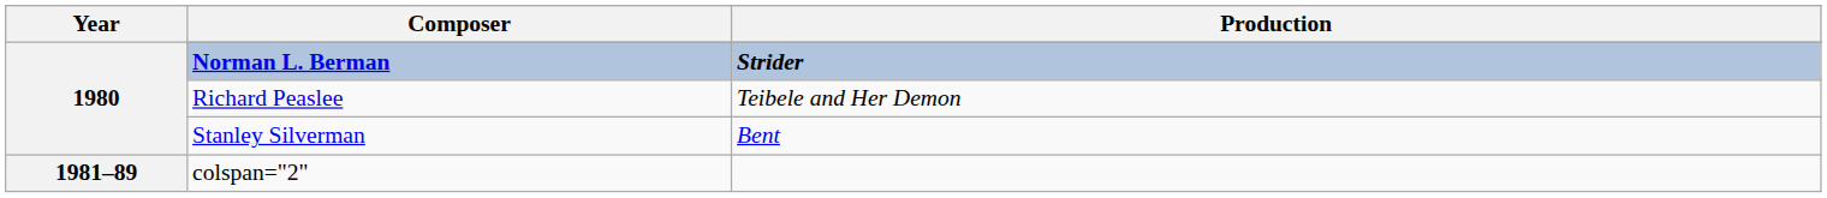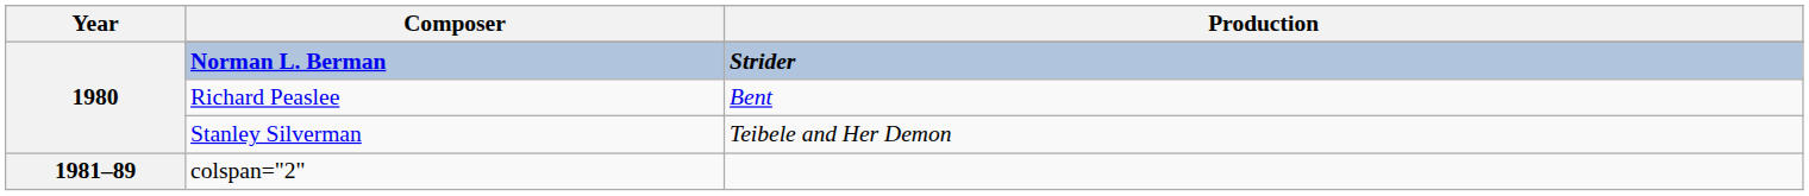 <table class="wikitable" style="width:98%;">
 <tr style="background:#bebebe;">
 <th style="width:10%;">Year</th>
 <th style="width:30%;">Composer</th>
 <th style="width:60%;">Production</th>
 </tr>
 <tr>
 <th rowspan="4">1980</th>
 </tr>
 <tr style="background:#B0C4DE">
 <td><strong><a href='#'>Norman L. Berman</a></strong></td>
 <td><strong><em>Strider</em></strong></td>
 </tr>
 <tr>
 <td><a href='#'>Richard Peaslee</a></td>
-<td><em>Teibele and Her Demon</em></td>
+<td><em><a href='#'>Bent</a></em></td>
 </tr>
 <tr>
 <td><a href='#'>Stanley Silverman</a></td>
-<td><em><a href='#'>Bent</a></em></td>
+<td><em>Teibele and Her Demon</em></td>
 </tr>
 <tr>
 <th>1981–89</th>
 <td>colspan="2" </td>
 </tr>
 </table>
